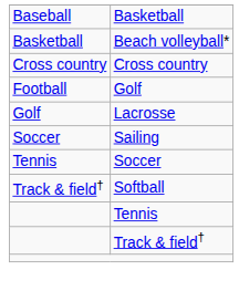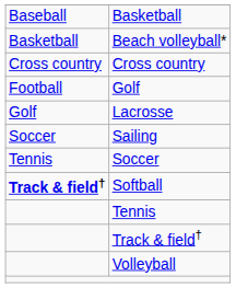 <table class="wikitable" style="float:right; clear:right; margin:0 0 1em 1em;">
 <tr>
 </tr>
 <tr>
 <td><a href='#'>Baseball</a></td>
 <td><a href='#'>Basketball</a></td>
 </tr>
 <tr>
 <td><a href='#'>Basketball</a></td>
 <td><a href='#'>Beach volleyball</a>*</td>
 </tr>
 <tr>
 <td><a href='#'>Cross country</a></td>
 <td><a href='#'>Cross country</a></td>
 </tr>
 <tr>
 <td><a href='#'>Football</a></td>
 <td><a href='#'>Golf</a></td>
 </tr>
 <tr>
 <td><a href='#'>Golf</a></td>
 <td><a href='#'>Lacrosse</a></td>
 </tr>
 <tr>
 <td><a href='#'>Soccer</a></td>
 <td><a href='#'>Sailing</a></td>
 </tr>
 <tr>
 <td><a href='#'>Tennis</a></td>
 <td><a href='#'>Soccer</a></td>
 </tr>
 <tr>
-<td><a href='#'>Track & field</a><sup>†</sup></td>
+<td><strong><a href='#'>Track & field</a><sup>†</sup></strong></td>
 <td><a href='#'>Softball</a></td>
 </tr>
 <tr>
 <td></td>
 <td><a href='#'>Tennis</a></td>
 </tr>
 <tr>
 <td></td>
 <td><a href='#'>Track & field</a><sup>†</sup></td>
 </tr>
 <tr>
+<td></td>
+<td><a href='#'>Volleyball</a></td>
+</tr>
+<tr>
 <td colspan="2"></td>
 </tr>
 </table>
